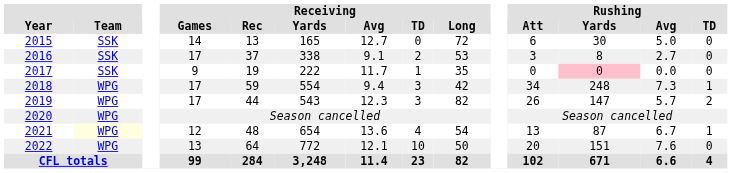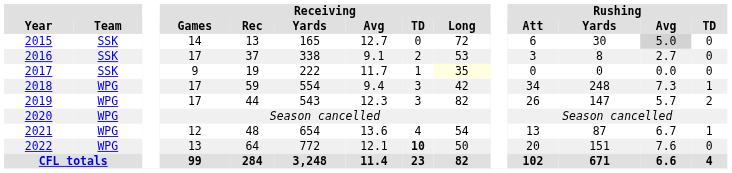 <table BORDER="0" CELLPADDING="1" CELLSPACING="0" width="65%" style="text-align:center">
 <tr bgcolor="#e0e0e0">
 <th colspan="2"></th>
 <th rowspan="100" bgcolor="#ffffff"> </th>
 <th colspan="6">Receiving</th>
 <th rowspan="100" bgcolor="#ffffff"> </th>
 <th colspan="4">Rushing</th>
 </tr>
 <tr bgcolor="#e0e0e0">
 <th>Year</th>
 <th>Team</th>
 <th>Games</th>
 <th>Rec</th>
 <th>Yards</th>
 <th>Avg</th>
 <th>TD</th>
 <th>Long</th>
 <th>Att</th>
 <th>Yards</th>
 <th>Avg</th>
 <th>TD</th>
 </tr>
 <tr>
 <td><a href='#'>2015</a></td>
 <td><a href='#'>SSK</a></td>
 <td>14</td>
 <td>13</td>
 <td>165</td>
 <td>12.7</td>
 <td>0</td>
 <td>72</td>
 <td>6</td>
 <td>30</td>
-<td>5.0</td>
+<td style="background: lightgrey;">5.0</td>
 <td>0</td>
 </tr>
 <tr ALIGN="center" bgcolor="#f0f0f0">
 <td><a href='#'>2016</a></td>
 <td><a href='#'>SSK</a></td>
 <td>17</td>
 <td>37</td>
 <td>338</td>
 <td>9.1</td>
 <td>2</td>
 <td>53</td>
 <td>3</td>
 <td>8</td>
 <td>2.7</td>
 <td>0</td>
 </tr>
 <tr>
 <td><a href='#'>2017</a></td>
 <td><a href='#'>SSK</a></td>
 <td>9</td>
 <td>19</td>
 <td>222</td>
 <td>11.7</td>
 <td>1</td>
-<td>35</td>
+<td style="background: lightyellow;">35</td>
 <td>0</td>
-<td style="background: pink;">0</td>
+<td>0</td>
 <td>0.0</td>
 <td>0</td>
 </tr>
 <tr ALIGN="center" bgcolor="#f0f0f0">
 <td><a href='#'>2018</a></td>
 <td><a href='#'>WPG</a></td>
 <td>17</td>
 <td>59</td>
 <td>554</td>
 <td>9.4</td>
 <td>3</td>
 <td>42</td>
 <td>34</td>
 <td>248</td>
 <td>7.3</td>
 <td>1</td>
 </tr>
 <tr>
 <td><a href='#'>2019</a></td>
 <td><a href='#'>WPG</a></td>
 <td>17</td>
 <td>44</td>
 <td>543</td>
 <td>12.3</td>
 <td>3</td>
 <td>82</td>
 <td>26</td>
 <td>147</td>
 <td>5.7</td>
 <td>2</td>
 </tr>
 <tr ALIGN="center" bgcolor="#f0f0f0">
 <td><a href='#'>2020</a></td>
 <td><a href='#'>WPG</a></td>
 <td colspan="6"><em>Season cancelled</em></td>
 <td colspan="5"><em>Season cancelled</em></td>
 </tr>
 <tr>
 <td><a href='#'>2021</a></td>
-<td style="background: lightyellow;"><a href='#'>WPG</a></td>
+<td><a href='#'>WPG</a></td>
 <td>12</td>
 <td>48</td>
 <td>654</td>
 <td>13.6</td>
 <td>4</td>
 <td>54</td>
 <td>13</td>
 <td>87</td>
 <td>6.7</td>
 <td>1</td>
 </tr>
 <tr ALIGN="center" bgcolor="#f0f0f0">
 <td><a href='#'>2022</a></td>
 <td><a href='#'>WPG</a></td>
 <td>13</td>
 <td>64</td>
 <td>772</td>
 <td>12.1</td>
-<td>10</td>
+<td><strong>10</strong></td>
 <td>50</td>
 <td>20</td>
 <td>151</td>
 <td>7.6</td>
 <td>0</td>
 </tr>
 <tr bgcolor="#e0e0e0">
 <th colspan="2"><a href='#'>CFL totals</a></th>
 <th>99</th>
 <th>284</th>
 <th>3,248</th>
 <th>11.4</th>
 <th>23</th>
 <th>82</th>
 <th>102</th>
 <th>671</th>
 <th>6.6</th>
 <th>4</th>
 </tr>
 </table>
